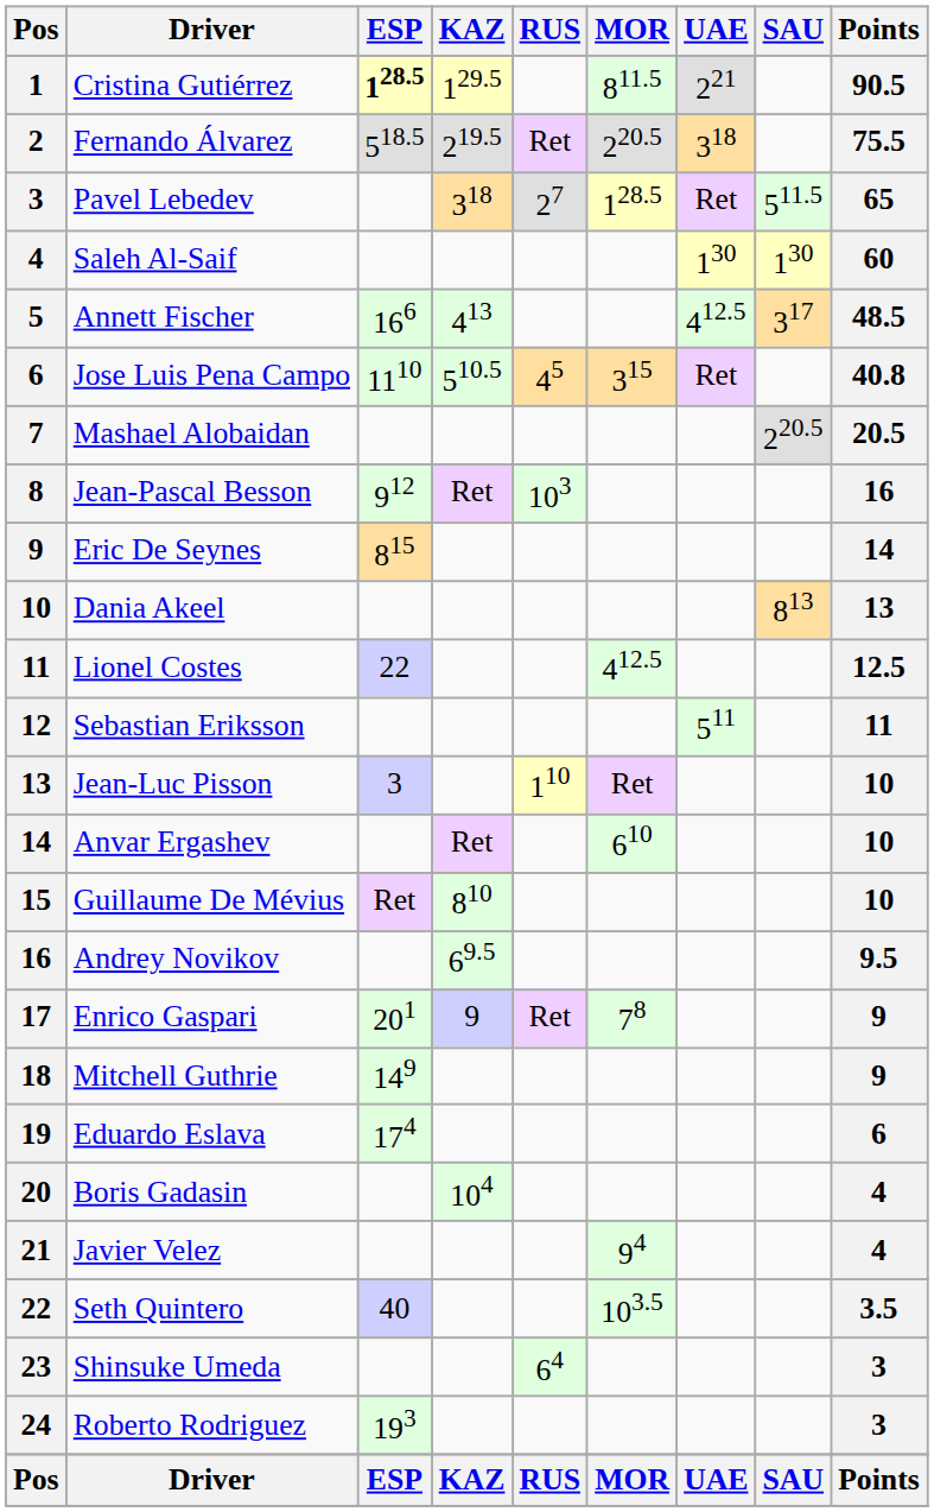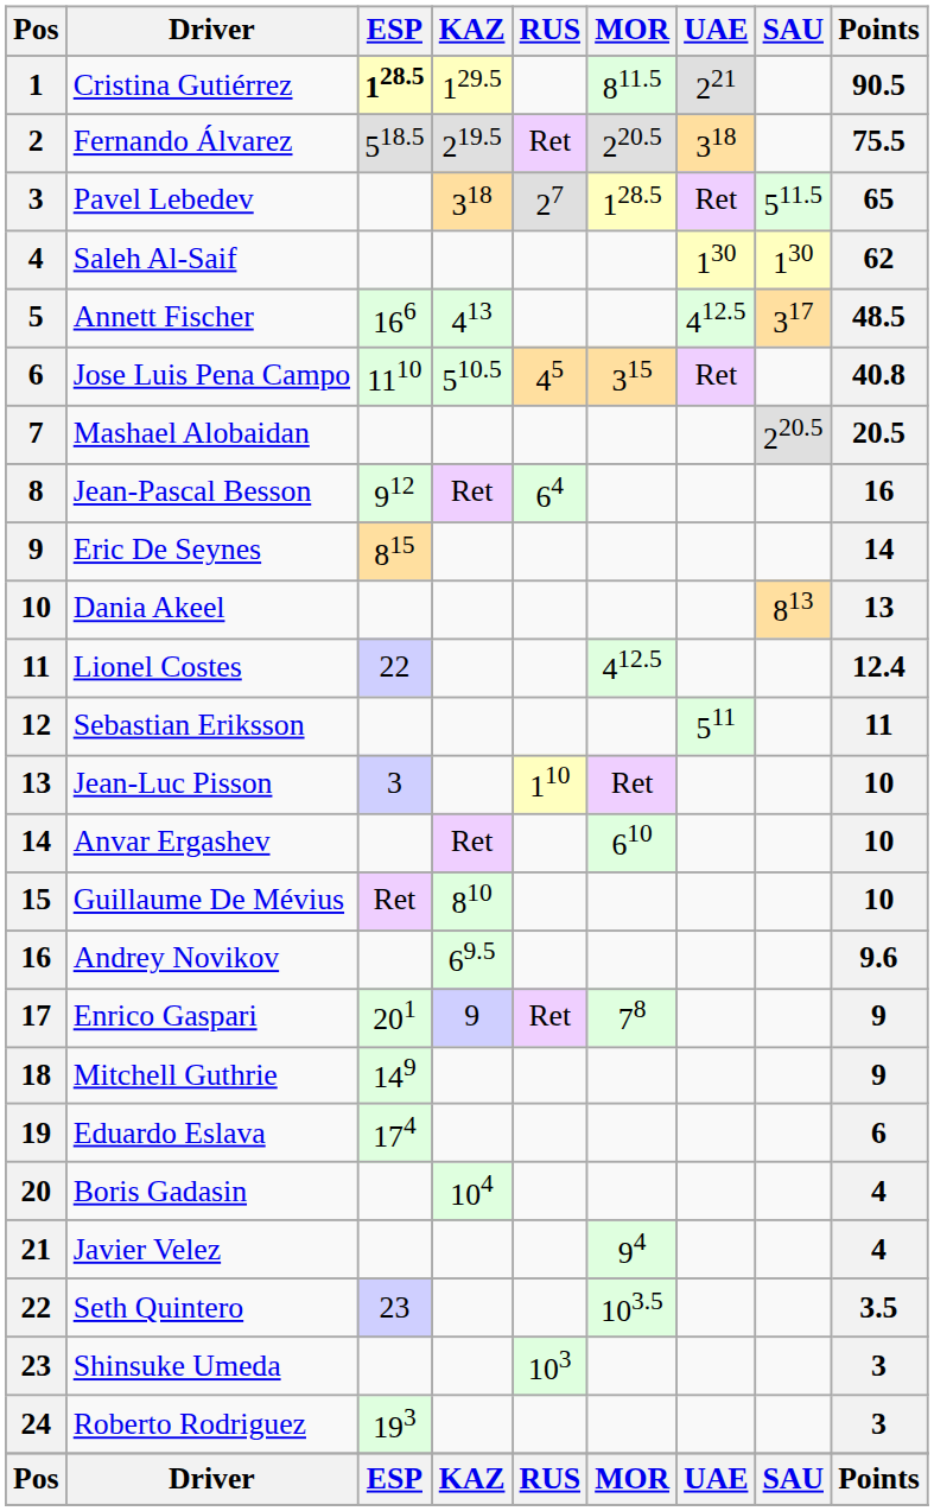 <table class="wikitable" style="font-size: 85%; text-align: center; display: inline-table;">
 <tr valign="top">
 <th valign="middle">Pos</th>
 <th valign="middle">Driver</th>
 <th><a href='#'>ESP</a><br></th>
 <th><a href='#'>KAZ</a><br></th>
 <th><a href='#'>RUS</a><br></th>
 <th><a href='#'>MOR</a><br></th>
 <th><a href='#'>UAE</a><br></th>
 <th><a href='#'>SAU</a><br></th>
 <th valign="middle">Points</th>
 </tr>
 <tr>
 <th>1</th>
 <td align=left> <a href='#'>Cristina Gutiérrez</a></td>
 <td style="background:#ffffbf;"><strong>1<sup>28.5</sup></strong></td>
 <td style="background:#ffffbf;">1<sup>29.5</sup></td>
 <td></td>
 <td style="background:#dfffdf;">8<sup>11.5</sup></td>
 <td style="background:#dfdfdf;">2<sup>21</sup></td>
 <td></td>
 <th>90.5</th>
 </tr>
 <tr>
 <th>2</th>
 <td align=left> <a href='#'>Fernando Álvarez</a></td>
 <td style="background:#dfdfdf;">5<sup>18.5</sup></td>
 <td style="background:#dfdfdf;">2<sup>19.5</sup></td>
 <td style="background:#efcfff;">Ret</td>
 <td style="background:#dfdfdf;">2<sup>20.5</sup></td>
 <td style="background:#ffdf9f;">3<sup>18</sup></td>
 <td></td>
 <th>75.5</th>
 </tr>
 <tr>
 <th>3</th>
 <td align=left> <a href='#'>Pavel Lebedev</a></td>
 <td></td>
 <td style="background:#ffdf9f;">3<sup>18</sup></td>
 <td style="background:#dfdfdf;">2<sup>7</sup></td>
 <td style="background:#ffffbf;">1<sup>28.5</sup></td>
 <td style="background:#efcfff;">Ret</td>
 <td style="background:#dfffdf;">5<sup>11.5</sup></td>
 <th>65</th>
 </tr>
 <tr>
 <th>4</th>
 <td align=left> <a href='#'>Saleh Al-Saif</a></td>
 <td></td>
 <td></td>
 <td></td>
 <td></td>
 <td style="background:#ffffbf;">1<sup>30</sup></td>
 <td style="background:#ffffbf;">1<sup>30</sup></td>
-<th>60</th>
+<th>62</th>
 </tr>
 <tr>
 <th>5</th>
 <td align=left> <a href='#'>Annett Fischer</a></td>
 <td style="background:#dfffdf;">16<sup>6</sup></td>
 <td style="background:#dfffdf;">4<sup>13</sup></td>
 <td></td>
 <td></td>
 <td style="background:#dfffdf;">4<sup>12.5</sup></td>
 <td style="background:#ffdf9f;">3<sup>17</sup></td>
 <th>48.5</th>
 </tr>
 <tr>
 <th>6</th>
 <td align=left> <a href='#'>Jose Luis Pena Campo</a></td>
 <td style="background:#dfffdf;">11<sup>10</sup></td>
 <td style="background:#dfffdf;">5<sup>10.5</sup></td>
 <td style="background:#ffdf9f;">4<sup>5</sup></td>
 <td style="background:#ffdf9f;">3<sup>15</sup></td>
 <td style="background:#efcfff;">Ret</td>
 <td></td>
 <th>40.8</th>
 </tr>
 <tr>
 <th>7</th>
 <td align=left> <a href='#'>Mashael Alobaidan</a></td>
 <td></td>
 <td></td>
 <td></td>
 <td></td>
 <td></td>
 <td style="background:#dfdfdf;">2<sup>20.5</sup></td>
 <th>20.5</th>
 </tr>
 <tr>
 <th>8</th>
 <td align=left> <a href='#'>Jean-Pascal Besson</a></td>
 <td style="background:#dfffdf;">9<sup>12</sup></td>
 <td style="background:#efcfff;">Ret</td>
-<td style="background:#dfffdf;">10<sup>3</sup></td>
+<td style="background:#dfffdf;">6<sup>4</sup></td>
 <td></td>
 <td></td>
 <td></td>
 <th>16</th>
 </tr>
 <tr>
 <th>9</th>
 <td align=left> <a href='#'>Eric De Seynes</a></td>
 <td style="background:#ffdf9f;">8<sup>15</sup></td>
 <td></td>
 <td></td>
 <td></td>
 <td></td>
 <td></td>
 <th>14</th>
 </tr>
 <tr>
 <th>10</th>
 <td align=left> <a href='#'>Dania Akeel</a></td>
 <td></td>
 <td></td>
 <td></td>
 <td></td>
 <td></td>
 <td style="background:#ffdf9f;">8<sup>13</sup></td>
 <th>13</th>
 </tr>
 <tr>
 <th>11</th>
 <td align=left> <a href='#'>Lionel Costes</a></td>
 <td style="background:#cfcfff;">22</td>
 <td></td>
 <td></td>
 <td style="background:#dfffdf;">4<sup>12.5</sup></td>
 <td></td>
 <td></td>
-<th>12.5</th>
+<th>12.4</th>
 </tr>
 <tr>
 <th>12</th>
 <td align=left> <a href='#'>Sebastian Eriksson</a></td>
 <td></td>
 <td></td>
 <td></td>
 <td></td>
 <td style="background:#dfffdf;">5<sup>11</sup></td>
 <td></td>
 <th>11</th>
 </tr>
 <tr>
 <th>13</th>
 <td align=left> <a href='#'>Jean-Luc Pisson</a></td>
 <td style="background:#cfcfff;">3</td>
 <td></td>
 <td style="background:#ffffbf;">1<sup>10</sup></td>
 <td style="background:#efcfff;">Ret</td>
 <td></td>
 <td></td>
 <th>10</th>
 </tr>
 <tr>
 <th>14</th>
 <td align=left> <a href='#'>Anvar Ergashev</a></td>
 <td></td>
 <td style="background:#efcfff;">Ret</td>
 <td></td>
 <td style="background:#dfffdf;">6<sup>10</sup></td>
 <td></td>
 <td></td>
 <th>10</th>
 </tr>
 <tr>
 <th>15</th>
 <td align=left> <a href='#'>Guillaume De Mévius</a></td>
 <td style="background:#efcfff;">Ret</td>
 <td style="background:#dfffdf;">8<sup>10</sup></td>
 <td></td>
 <td></td>
 <td></td>
 <td></td>
 <th>10</th>
 </tr>
 <tr>
 <th>16</th>
 <td align=left> <a href='#'>Andrey Novikov</a></td>
 <td></td>
 <td style="background:#dfffdf;">6<sup>9.5</sup></td>
 <td></td>
 <td></td>
 <td></td>
 <td></td>
-<th>9.5</th>
+<th>9.6</th>
 </tr>
 <tr>
 <th>17</th>
 <td align=left> <a href='#'>Enrico Gaspari</a></td>
 <td style="background:#dfffdf;">20<sup>1</sup></td>
 <td style="background:#cfcfff;">9</td>
 <td style="background:#efcfff;">Ret</td>
 <td style="background:#dfffdf;">7<sup>8</sup></td>
 <td></td>
 <td></td>
 <th>9</th>
 </tr>
 <tr>
 <th>18</th>
 <td align=left> <a href='#'>Mitchell Guthrie</a></td>
 <td style="background:#dfffdf;">14<sup>9</sup></td>
 <td></td>
 <td></td>
 <td></td>
 <td></td>
 <td></td>
 <th>9</th>
 </tr>
 <tr>
 <th>19</th>
 <td align=left> <a href='#'>Eduardo Eslava</a></td>
 <td style="background:#dfffdf;">17<sup>4</sup></td>
 <td></td>
 <td></td>
 <td></td>
 <td></td>
 <td></td>
 <th>6</th>
 </tr>
 <tr>
 <th>20</th>
 <td align=left> <a href='#'>Boris Gadasin</a></td>
 <td></td>
 <td style="background:#dfffdf;">10<sup>4</sup></td>
 <td></td>
 <td></td>
 <td></td>
 <td></td>
 <th>4</th>
 </tr>
 <tr>
 <th>21</th>
 <td align=left> <a href='#'>Javier Velez</a></td>
 <td></td>
 <td></td>
 <td></td>
 <td style="background:#dfffdf;">9<sup>4</sup></td>
 <td></td>
 <td></td>
 <th>4</th>
 </tr>
 <tr>
 <th>22</th>
 <td align=left> <a href='#'>Seth Quintero</a></td>
-<td style="background:#cfcfff;">40</td>
+<td style="background:#cfcfff;">23</td>
 <td></td>
 <td></td>
 <td style="background:#dfffdf;">10<sup>3.5</sup></td>
 <td></td>
 <td></td>
 <th>3.5</th>
 </tr>
 <tr>
 <th>23</th>
 <td align=left> <a href='#'>Shinsuke Umeda</a></td>
 <td></td>
 <td></td>
-<td style="background:#dfffdf;">6<sup>4</sup></td>
+<td style="background:#dfffdf;">10<sup>3</sup></td>
 <td></td>
 <td></td>
 <td></td>
 <th>3</th>
 </tr>
 <tr>
 <th>24</th>
 <td align=left> <a href='#'>Roberto Rodriguez</a></td>
 <td style="background:#dfffdf;">19<sup>3</sup></td>
 <td></td>
 <td></td>
 <td></td>
 <td></td>
 <td></td>
 <th>3</th>
 </tr>
 <tr>
 </tr>
 <tr valign="top">
 <th valign="middle">Pos</th>
 <th valign="middle">Driver</th>
 <th><a href='#'>ESP</a><br></th>
 <th><a href='#'>KAZ</a><br></th>
 <th><a href='#'>RUS</a><br></th>
 <th><a href='#'>MOR</a><br></th>
 <th><a href='#'>UAE</a><br></th>
 <th><a href='#'>SAU</a><br></th>
 <th valign="middle">Points</th>
 </tr>
 <tr>
 </tr>
 </table>
